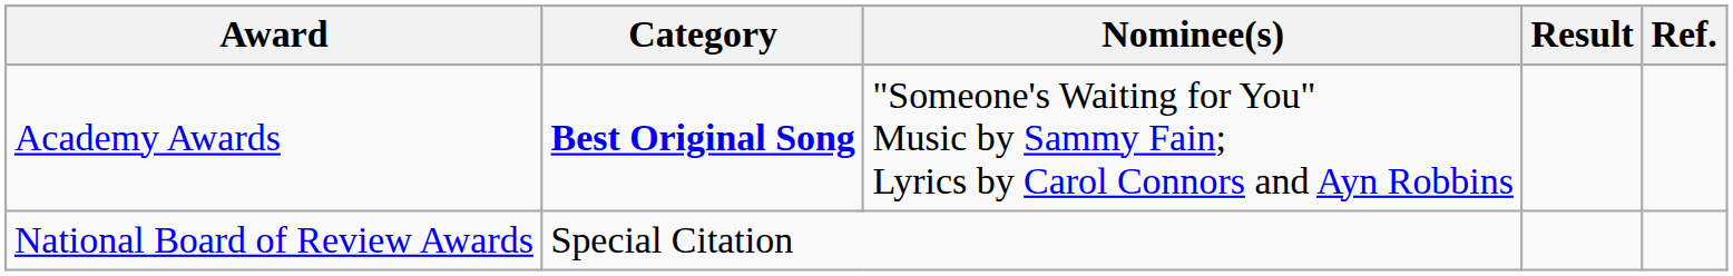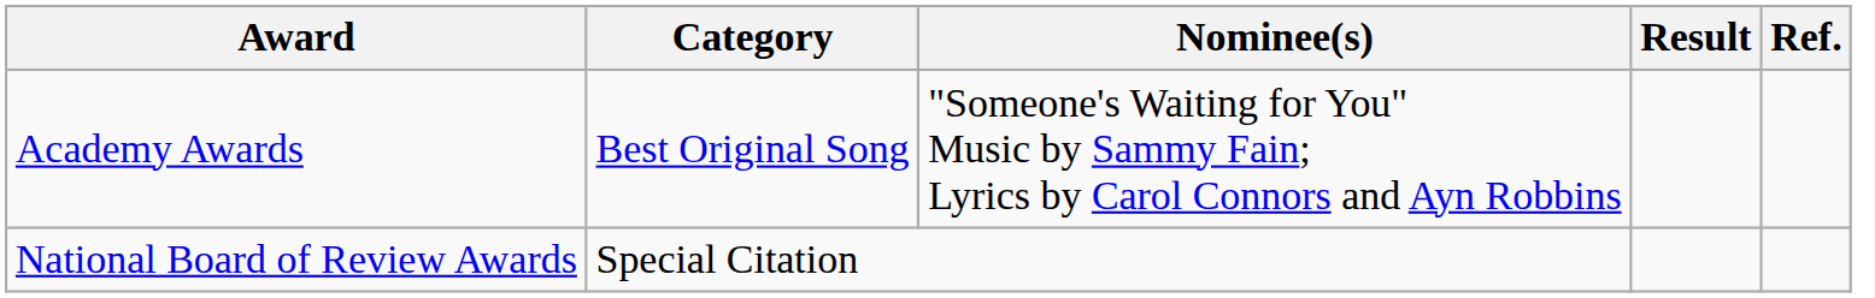 <table class="wikitable plainrowheaders">
 <tr>
 <th>Award</th>
 <th>Category</th>
 <th>Nominee(s)</th>
 <th>Result</th>
 <th>Ref.</th>
 </tr>
 <tr>
 <td><a href='#'>Academy Awards</a></td>
-<td><strong><a href='#'>Best Original Song</a></strong></td>
+<td><a href='#'>Best Original Song</a></td>
 <td>"Someone's Waiting for You" <br> Music by <a href='#'>Sammy Fain</a>; <br> Lyrics by <a href='#'>Carol Connors</a> and <a href='#'>Ayn Robbins</a></td>
 <td></td>
 <td align="center"></td>
 </tr>
 <tr>
 <td><a href='#'>National Board of Review Awards</a></td>
 <td colspan="2">Special Citation</td>
 <td></td>
 <td align="center"></td>
 </tr>
 </table>
